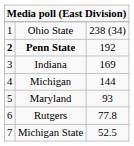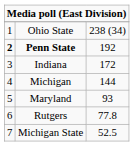 <table class="wikitable" style="display: inline-table;">
 <tr>
 <td align="center" Colspan="3"><strong>Media poll (East Division)</strong></td>
 </tr>
 <tr align="center">
 </tr>
 <tr align="center">
 <td>1</td>
 <td>Ohio State</td>
 <td>238 (34)</td>
 </tr>
 <tr align="center">
 <td><strong>2</strong></td>
 <td><strong>Penn State</strong></td>
 <td>192</td>
 </tr>
 <tr align="center">
 <td>3</td>
 <td>Indiana</td>
-<td>169</td>
+<td>172</td>
 </tr>
 <tr align="center">
 <td>4</td>
 <td>Michigan</td>
 <td>144</td>
 </tr>
 <tr align="center">
 <td>5</td>
 <td>Maryland</td>
 <td>93</td>
 </tr>
 <tr align="center">
 <td>6</td>
 <td>Rutgers</td>
 <td>77.8</td>
 </tr>
 <tr align="center">
 <td>7</td>
 <td>Michigan State</td>
 <td>52.5</td>
 </tr>
 </table>
